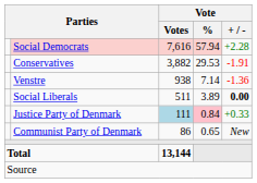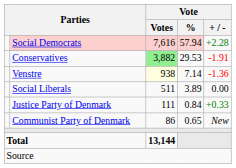 <table class="wikitable" style="text-align:right;">
 <tr>
 <th style="text-align:centre;" rowspan="2" colspan="2" width="225">Parties</th>
 <th colspan="3">Vote</th>
 </tr>
 <tr>
 <th width="15">Votes</th>
 <th width="15">%</th>
 <th width="15">+ / -</th>
 </tr>
 <tr>
 <td width="2" style="color:inherit;background:"></td>
 <td bgcolor=#fbd0ce  align="left"><a href='#'>Social Democrats</a></td>
 <td bgcolor=#fbd0ce>7,616</td>
 <td bgcolor=#fbd0ce>57.94</td>
 <td style=color:green;>+2.28</td>
 </tr>
 <tr>
 <td width="2" style="color:inherit;background:"></td>
 <td align="left"><a href='#'>Conservatives</a></td>
-<td>3,882</td>
+<td style="background: lightgreen;">3,882</td>
 <td>29.53</td>
 <td style=color:red;>-1.91</td>
 </tr>
 <tr>
 <td width="2" style="color:inherit;background:"></td>
 <td align="left"><a href='#'>Venstre</a></td>
-<td>938</td>
+<td style="background: lightyellow;">938</td>
 <td>7.14</td>
 <td style=color:red;>-1.36</td>
 </tr>
 <tr>
 <td width="2" style="color:inherit;background:"></td>
 <td align="left"><a href='#'>Social Liberals</a></td>
 <td>511</td>
 <td>3.89</td>
-<td><strong>0.00</strong></td>
+<td>0.00</td>
 </tr>
 <tr>
 <td width="2" style="color:inherit;background:"></td>
 <td align="left"><a href='#'>Justice Party of Denmark</a></td>
-<td style="background: lightblue;">111</td>
-<td style="background: pink;">0.84</td>
+<td>111</td>
+<td>0.84</td>
 <td style=color:green;>+0.33</td>
 </tr>
 <tr>
 <td width="2" style="color:inherit;background:"></td>
 <td align="left"><a href='#'>Communist Party of Denmark</a></td>
 <td>86</td>
 <td>0.65</td>
 <td><em>New</em></td>
 </tr>
 <tr>
 <td colspan="7" bgcolor="#E9E9E9"></td>
 </tr>
 <tr>
 <td align="left" colspan="2"><strong>Total</strong></td>
 <td><strong>13,144</strong></td>
 <td bgcolor="#E9E9E9" colspan="2"></td>
 </tr>
 <tr>
 <td align="left" colspan="6">Source</td>
 </tr>
 </table>
